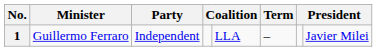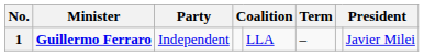 <table class="wikitable">
 <tr>
 <th>No.</th>
 <th>Minister</th>
 <th colspan="2">Party</th>
 <th colspan="2">Coalition</th>
 <th>Term</th>
 <th colspan="2">President</th>
 </tr>
 <tr>
 <th>1</th>
-<td><a href='#'>Guillermo Ferraro</a></td>
+<td><strong><a href='#'>Guillermo Ferraro</a></strong></td>
 <td colspan="2"><a href='#'>Independent</a></td>
 <td></td>
 <td><a href='#'>LLA</a></td>
 <td> – </td>
 <td></td>
 <td><a href='#'>Javier Milei</a></td>
 </tr>
 </table>
